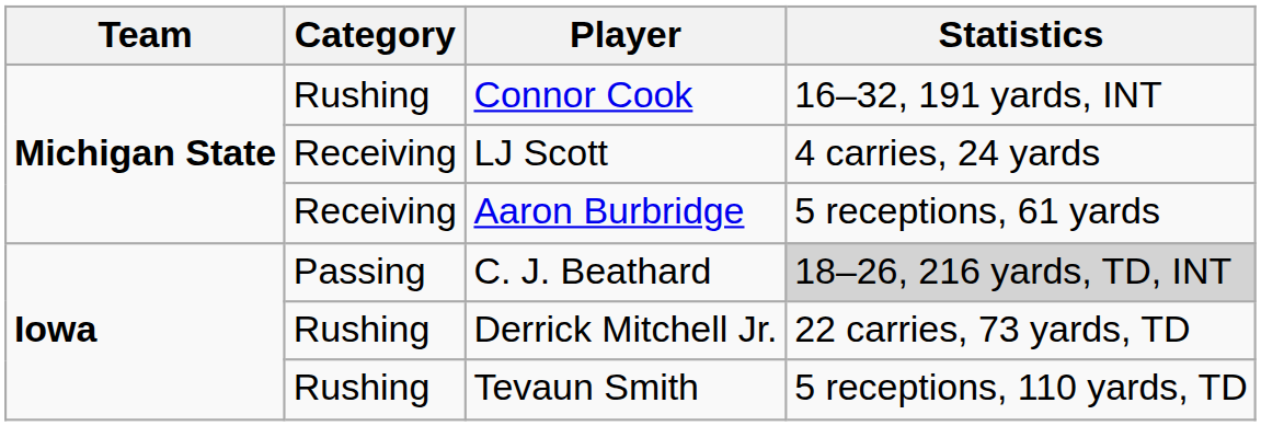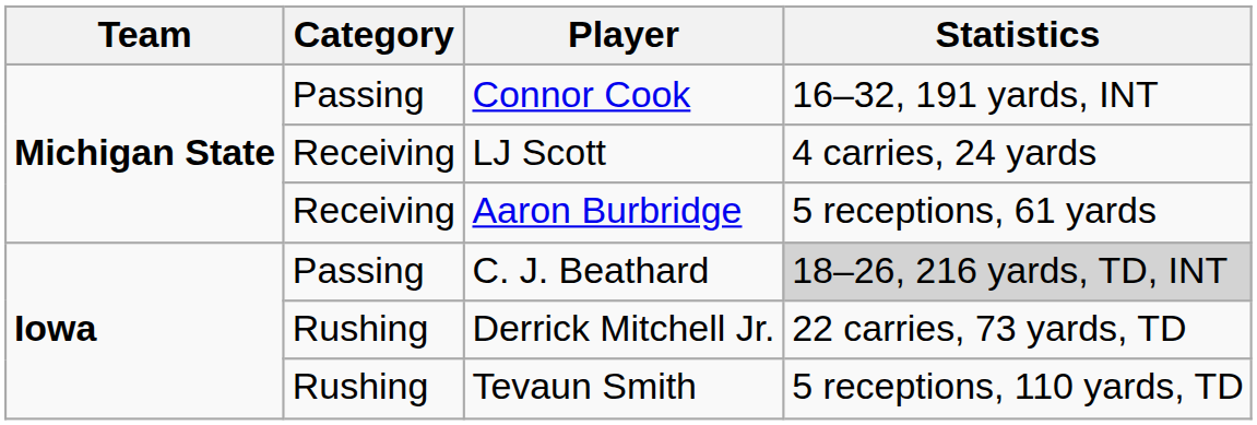 <table class="wikitable" style="float: left;">
 <tr>
 <th>Team</th>
 <th>Category</th>
 <th>Player</th>
 <th>Statistics</th>
 </tr>
 <tr>
 <td rowspan=3><strong>Michigan State</strong></td>
-<td>Rushing</td>
+<td>Passing</td>
 <td><a href='#'>Connor Cook</a></td>
 <td>16–32, 191 yards, INT</td>
 </tr>
 <tr>
 <td>Receiving</td>
 <td>LJ Scott</td>
 <td>4 carries, 24 yards</td>
 </tr>
 <tr>
 <td>Receiving</td>
 <td><a href='#'>Aaron Burbridge</a></td>
 <td>5 receptions, 61 yards</td>
 </tr>
 <tr>
 <td rowspan=3><strong>Iowa</strong></td>
 <td>Passing</td>
 <td>C. J. Beathard</td>
 <td style="background: lightgrey;">18–26, 216 yards, TD, INT</td>
 </tr>
 <tr>
 <td>Rushing</td>
 <td>Derrick Mitchell Jr.</td>
 <td>22 carries, 73 yards, TD</td>
 </tr>
 <tr>
 <td>Rushing</td>
 <td>Tevaun Smith</td>
 <td>5 receptions, 110 yards, TD</td>
 </tr>
 </table>
